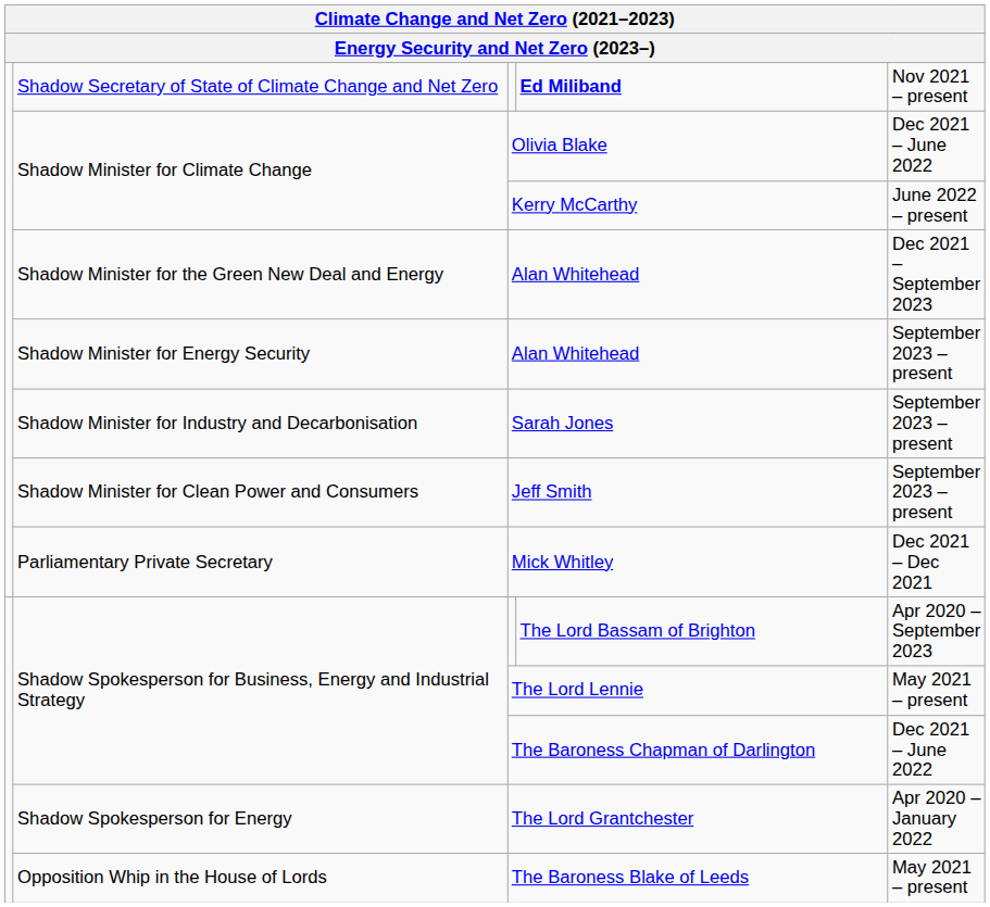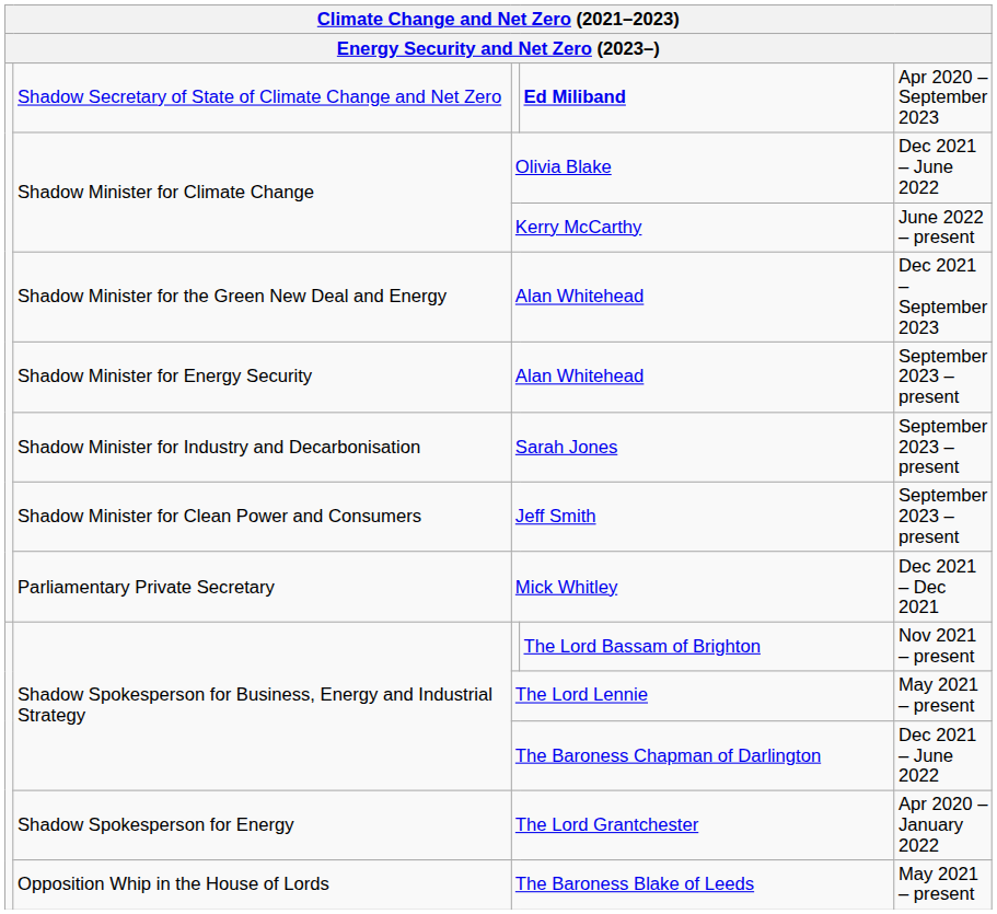 <table class="wikitable">
 <tr>
 <th colspan="5"><a href='#'>Climate Change and Net Zero</a> (2021–2023)</th>
 </tr>
 <tr>
 <th colspan="5"><a href='#'>Energy Security and Net Zero</a> (2023–)</th>
 </tr>
 <tr>
 <td rowspan="8" style="background: "></td>
 <td style="width: 450px;"><a href='#'>Shadow Secretary of State of Climate Change and Net Zero</a></td>
 <td style="background: "></td>
 <td style="width: 337px;"><strong><a href='#'>Ed Miliband</a></strong></td>
-<td>Nov 2021 – present</td>
+<td>Apr 2020 – September 2023</td>
 </tr>
 <tr>
 <td rowspan="2">Shadow Minister for Climate Change</td>
 <td colspan="2"><a href='#'>Olivia Blake</a></td>
 <td>Dec 2021 – June 2022</td>
 </tr>
 <tr>
 <td colspan="2"><a href='#'>Kerry McCarthy</a></td>
 <td>June 2022 – present</td>
 </tr>
 <tr>
 <td>Shadow Minister for the Green New Deal and Energy</td>
 <td colspan="2"><a href='#'>Alan Whitehead</a></td>
 <td>Dec 2021 – September 2023</td>
 </tr>
 <tr>
 <td>Shadow Minister for Energy Security</td>
 <td colspan="2"><a href='#'>Alan Whitehead</a></td>
 <td>September 2023 – present</td>
 </tr>
 <tr>
 <td>Shadow Minister for Industry and Decarbonisation</td>
 <td colspan="2"><a href='#'>Sarah Jones</a></td>
 <td>September 2023 – present</td>
 </tr>
 <tr>
 <td>Shadow Minister for Clean Power and Consumers</td>
 <td colspan="2"><a href='#'>Jeff Smith</a></td>
 <td>September 2023 – present</td>
 </tr>
 <tr>
 <td>Parliamentary Private Secretary</td>
 <td colspan="2"><a href='#'>Mick Whitley</a></td>
 <td>Dec 2021 – Dec 2021</td>
 </tr>
 <tr>
 <td rowspan="5" style="background: "></td>
 <td rowspan="3">Shadow Spokesperson for Business, Energy and Industrial Strategy</td>
 <td style="background: "></td>
 <td><a href='#'>The Lord Bassam of Brighton</a></td>
-<td>Apr 2020 – September 2023</td>
+<td>Nov 2021 – present</td>
 </tr>
 <tr>
 <td colspan="2"><a href='#'>The Lord Lennie</a></td>
 <td>May 2021 – present</td>
 </tr>
 <tr>
 <td colspan="2"><a href='#'>The Baroness Chapman of Darlington</a></td>
 <td>Dec 2021 – June 2022</td>
 </tr>
 <tr>
 <td>Shadow Spokesperson for Energy</td>
 <td colspan="2"><a href='#'>The Lord Grantchester</a></td>
 <td>Apr 2020 – January 2022</td>
 </tr>
 <tr>
 <td>Opposition Whip in the House of Lords</td>
 <td colspan="2"><a href='#'>The Baroness Blake of Leeds</a></td>
 <td>May 2021 – present</td>
 </tr>
 </table>
